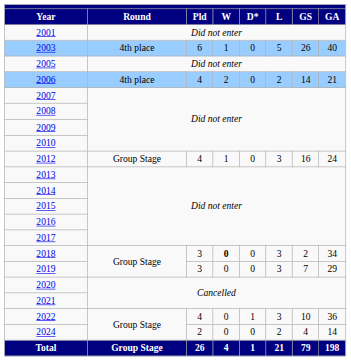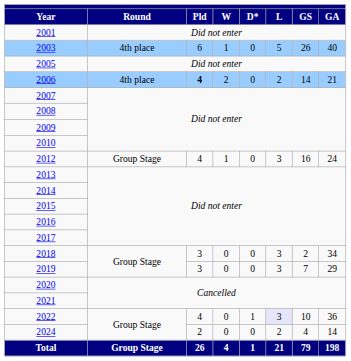 <table class="wikitable" style="text-align: center;font-size:95%;">
 <tr>
 <th colspan="8" style="background: #000080; color:#CE1126;"><a href='#'></a></th>
 </tr>
 <tr style="color:white;">
 <th style="background:#000080;" width=125>Year</th>
 <th style="background:#000080;" width=150>Round</th>
 <th style="background:#000080;" width=35>Pld</th>
 <th style="background:#000080;" width=35>W</th>
 <th style="background:#000080;" width=35>D*</th>
 <th style="background:#000080;" width=35>L</th>
 <th style="background:#000080;" width=35>GS</th>
 <th style="background:#000080;" width=35>GA</th>
 </tr>
 <tr>
 <td> <a href='#'>2001</a></td>
 <td colspan="7"><em>Did not enter</em></td>
 </tr>
 <tr bgcolor=#9acdff>
 <td> <a href='#'>2003</a></td>
 <td>4th place</td>
 <td>6</td>
 <td>1</td>
 <td>0</td>
 <td>5</td>
 <td>26</td>
 <td>40</td>
 </tr>
 <tr>
 <td> <a href='#'>2005</a></td>
 <td colspan="7"><em>Did not enter</em></td>
 </tr>
 <tr bgcolor=#9acdff>
 <td> <a href='#'>2006</a></td>
 <td>4th place</td>
-<td>4</td>
+<td><strong>4</strong></td>
 <td>2</td>
 <td>0</td>
 <td>2</td>
 <td>14</td>
 <td>21</td>
 </tr>
 <tr>
 <td> <a href='#'>2007</a></td>
 <td colspan="7" rowspan="4"><em>Did not enter</em></td>
 </tr>
 <tr>
 <td> <a href='#'>2008</a></td>
 </tr>
 <tr>
 <td> <a href='#'>2009</a></td>
 </tr>
 <tr>
 <td> <a href='#'>2010</a></td>
 </tr>
 <tr>
 <td> <a href='#'>2012</a></td>
 <td>Group Stage</td>
 <td>4</td>
 <td>1</td>
 <td>0</td>
 <td>3</td>
 <td>16</td>
 <td>24</td>
 </tr>
 <tr>
 <td> <a href='#'>2013</a></td>
 <td colspan="7" rowspan="5"><em>Did not enter</em></td>
 </tr>
 <tr>
 <td> <a href='#'>2014</a></td>
 </tr>
 <tr>
 <td> <a href='#'>2015</a></td>
 </tr>
 <tr>
 <td> <a href='#'>2016</a></td>
 </tr>
 <tr>
 <td> <a href='#'>2017</a></td>
 </tr>
 <tr>
 <td> <a href='#'>2018</a></td>
 <td rowspan="2">Group Stage</td>
 <td>3</td>
-<td><strong>0</strong></td>
+<td>0</td>
 <td>0</td>
 <td>3</td>
 <td>2</td>
 <td>34</td>
 </tr>
 <tr>
 <td> <a href='#'>2019</a></td>
 <td>3</td>
 <td>0</td>
 <td>0</td>
 <td>3</td>
 <td>7</td>
 <td>29</td>
 </tr>
 <tr>
 <td> <a href='#'>2020</a></td>
 <td colspan="7" rowspan="2"><em>Cancelled</em></td>
 </tr>
 <tr>
 <td> <a href='#'>2021</a></td>
 </tr>
 <tr>
 <td> <a href='#'>2022</a></td>
 <td rowspan="2">Group Stage</td>
 <td>4</td>
 <td>0</td>
 <td>1</td>
-<td>3</td>
+<td style="background: lavender;">3</td>
 <td>10</td>
 <td>36</td>
 </tr>
 <tr>
 <td> <a href='#'>2024</a></td>
 <td>2</td>
 <td>0</td>
 <td>0</td>
 <td>2</td>
 <td>4</td>
 <td>14</td>
 </tr>
 <tr bgcolor="#000080" style="color:white;">
 <td><strong>Total</strong></td>
 <td><strong>Group Stage</strong></td>
 <td><strong>26</strong></td>
 <td><strong>4</strong></td>
 <td><strong>1</strong></td>
 <td><strong>21</strong></td>
 <td><strong>79</strong></td>
 <td><strong>198</strong></td>
 </tr>
 </table>
